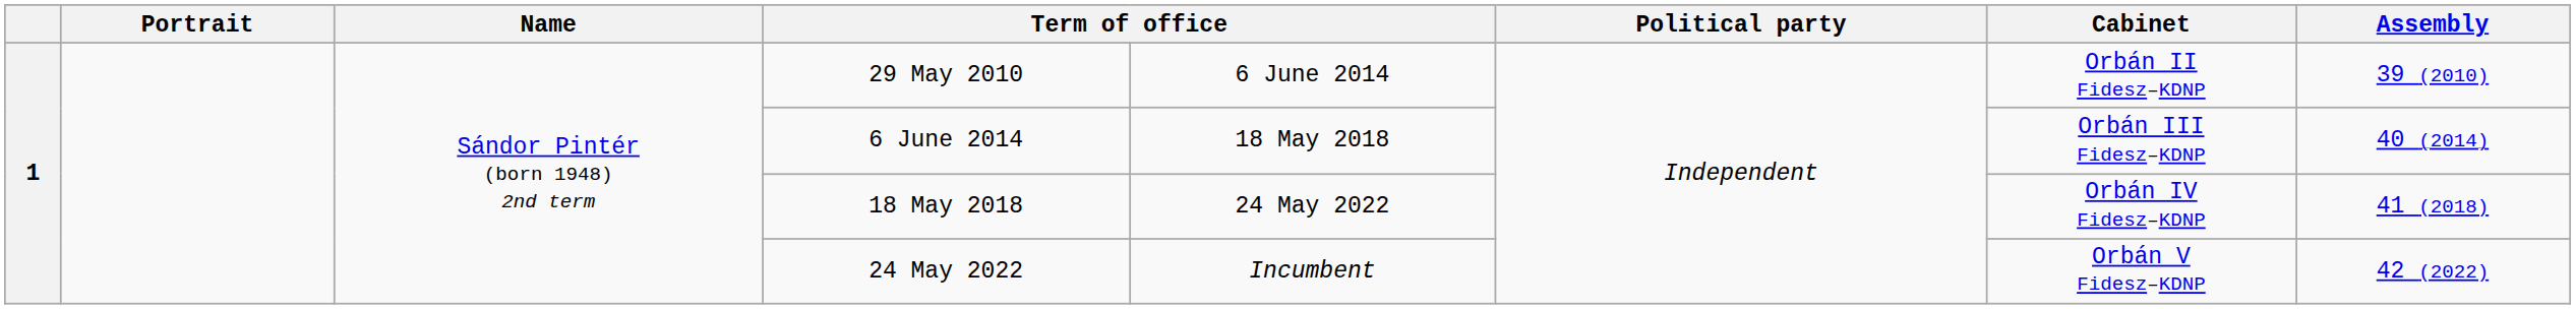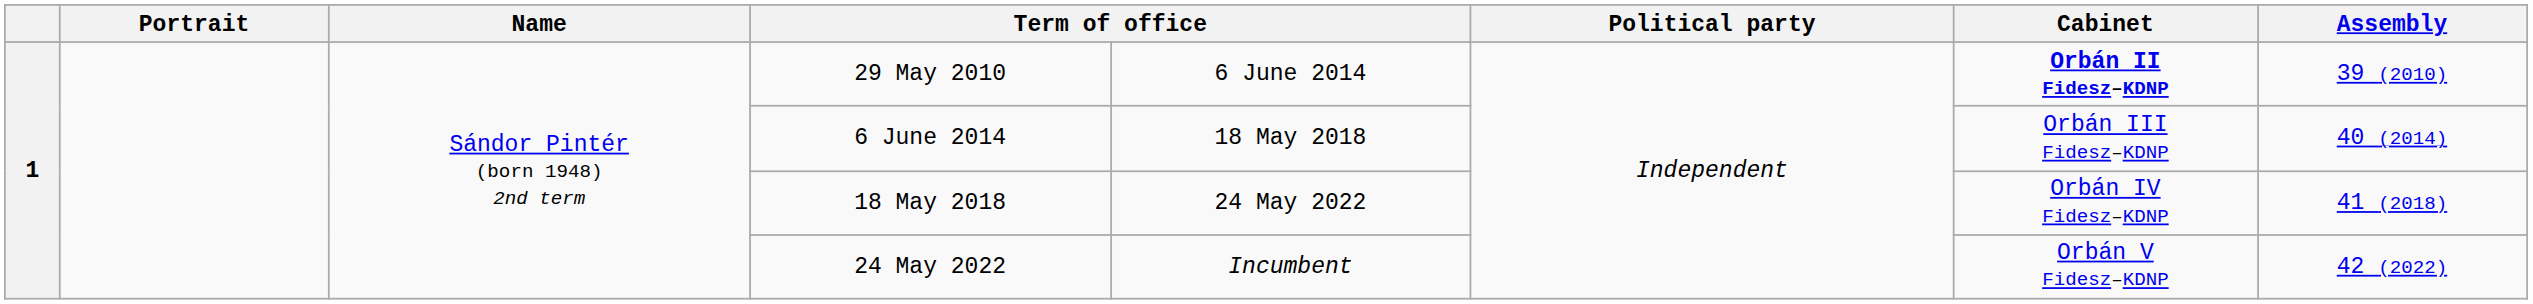 <table class="wikitable" style="width:90%; text-align:center;">
 <tr>
 <th></th>
 <th>Portrait</th>
 <th>Name<br></th>
 <th colspan=2>Term of office</th>
 <th>Political party</th>
 <th>Cabinet</th>
 <th><a href='#'>Assembly</a><br></th>
 </tr>
 <tr>
 <th rowspan="4" style="background:">1</th>
 <td rowspan="4"></td>
 <td rowspan="4"><a href='#'>Sándor Pintér</a><br><small>(born 1948)<br><em>2nd term</em></small></td>
 <td>29 May 2010</td>
 <td>6 June 2014</td>
 <td rowspan="4"><em>Independent</em></td>
-<td><a href='#'>Orbán II</a><br><small><a href='#'>Fidesz</a>–<a href='#'>KDNP</a></small></td>
+<td><strong><a href='#'>Orbán II</a><br><small><a href='#'>Fidesz</a>–<a href='#'>KDNP</a></small></strong></td>
 <td><a href='#'>39 <small>(2010)</small></a></td>
 </tr>
 <tr>
 <td>6 June 2014</td>
 <td>18 May 2018</td>
 <td><a href='#'>Orbán III</a><br><small><a href='#'>Fidesz</a>–<a href='#'>KDNP</a></small></td>
 <td><a href='#'>40 <small>(2014)</small></a></td>
 </tr>
 <tr>
 <td>18 May 2018</td>
 <td>24 May 2022</td>
 <td><a href='#'>Orbán IV</a><br><small><a href='#'>Fidesz</a>–<a href='#'>KDNP</a></small></td>
 <td><a href='#'>41 <small>(2018)</small></a></td>
 </tr>
 <tr>
 <td>24 May 2022</td>
 <td><em>Incumbent</em></td>
 <td><a href='#'>Orbán V</a><br><small><a href='#'>Fidesz</a>–<a href='#'>KDNP</a></small></td>
 <td><a href='#'>42 <small>(2022)</small></a></td>
 </tr>
 </table>
